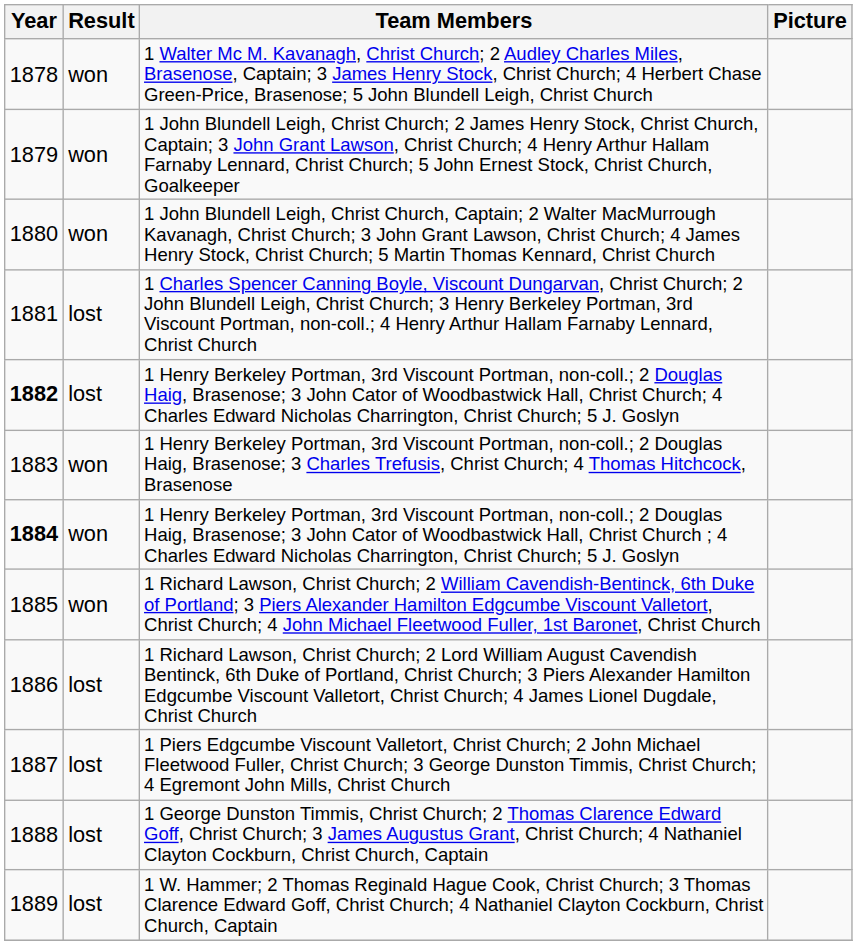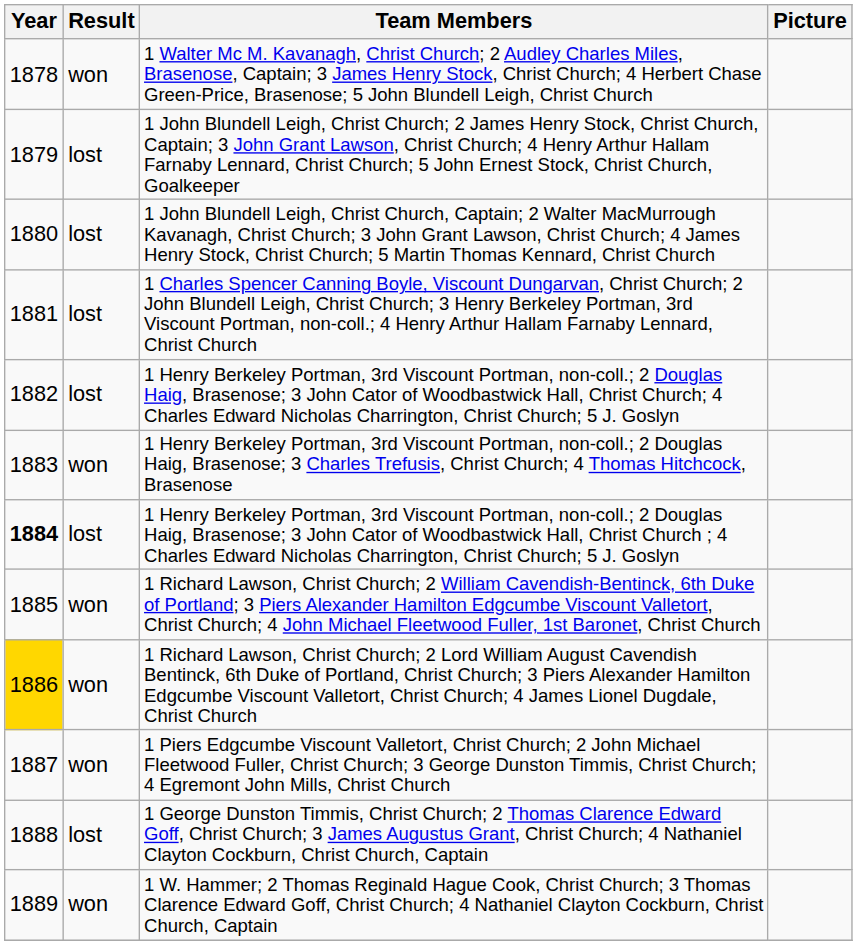 <table class="wikitable" width="100%">
 <tr>
 <th>Year</th>
 <th>Result</th>
 <th>Team Members</th>
 <th>Picture</th>
 </tr>
 <tr>
 <td>1878</td>
 <td>won</td>
 <td style="font-size:85%">1 <a href='#'>Walter Mc M. Kavanagh</a>, <a href='#'>Christ Church</a>; 2 <a href='#'>Audley Charles Miles</a>, <a href='#'>Brasenose</a>, Captain; 3 <a href='#'>James Henry Stock</a>, Christ Church; 4 Herbert Chase Green-Price, Brasenose; 5 John Blundell Leigh, Christ Church</td>
 <td></td>
 </tr>
 <tr>
 <td>1879</td>
-<td>won</td>
+<td>lost</td>
 <td style="font-size:85%">1 John Blundell Leigh, Christ Church; 2 James Henry Stock, Christ Church, Captain; 3 <a href='#'>John Grant Lawson</a>, Christ Church; 4 Henry Arthur Hallam Farnaby Lennard, Christ Church; 5 John Ernest Stock, Christ Church, Goalkeeper</td>
 <td></td>
 </tr>
 <tr>
 <td>1880</td>
-<td>won</td>
+<td>lost</td>
 <td style="font-size:85%">1 John Blundell Leigh, Christ Church, Captain; 2 Walter MacMurrough Kavanagh, Christ Church; 3 John Grant Lawson, Christ Church; 4 James Henry Stock, Christ Church; 5 Martin Thomas Kennard, Christ Church</td>
 <td></td>
 </tr>
 <tr>
 <td>1881</td>
 <td>lost</td>
 <td style="font-size:85%">1 <a href='#'>Charles Spencer Canning Boyle, Viscount Dungarvan</a>, Christ Church; 2 John Blundell Leigh, Christ Church; 3 Henry Berkeley Portman, 3rd Viscount Portman, non-coll.; 4 Henry Arthur Hallam Farnaby Lennard, Christ Church</td>
 <td></td>
 </tr>
 <tr>
-<td><strong>1882</strong></td>
+<td>1882</td>
 <td>lost</td>
 <td style="font-size:85%">1 Henry Berkeley Portman, 3rd Viscount Portman, non-coll.; 2 <a href='#'>Douglas Haig</a>, Brasenose; 3 John Cator of Woodbastwick Hall, Christ Church; 4 Charles Edward Nicholas Charrington, Christ Church; 5 J. Goslyn</td>
 <td></td>
 </tr>
 <tr>
 <td>1883</td>
 <td>won</td>
 <td style="font-size:85%">1 Henry Berkeley Portman, 3rd Viscount Portman, non-coll.; 2 Douglas Haig, Brasenose; 3 <a href='#'>Charles Trefusis</a>, Christ Church; 4 <a href='#'>Thomas Hitchcock</a>, Brasenose</td>
 <td></td>
 </tr>
 <tr>
 <td><strong>1884</strong></td>
-<td>won</td>
+<td>lost</td>
 <td style="font-size:85%">1 Henry Berkeley Portman, 3rd Viscount Portman, non-coll.; 2 Douglas Haig, Brasenose; 3 John Cator of Woodbastwick Hall, Christ Church ; 4 Charles Edward Nicholas Charrington, Christ Church; 5 J. Goslyn</td>
 <td></td>
 </tr>
 <tr>
 <td>1885</td>
 <td>won</td>
 <td style="font-size:85%">1 Richard Lawson, Christ Church; 2 <a href='#'>William Cavendish-Bentinck, 6th Duke of Portland</a>; 3 <a href='#'>Piers Alexander Hamilton Edgcumbe Viscount Valletort</a>, Christ Church; 4 <a href='#'>John Michael Fleetwood Fuller, 1st Baronet</a>, Christ Church</td>
 <td></td>
 </tr>
 <tr>
-<td>1886</td>
-<td>lost</td>
+<td style="background: gold;">1886</td>
+<td>won</td>
 <td style="font-size:85%">1 Richard Lawson, Christ Church; 2 Lord William August Cavendish Bentinck, 6th Duke of Portland, Christ Church; 3 Piers Alexander Hamilton Edgcumbe Viscount Valletort, Christ Church; 4 James Lionel Dugdale, Christ Church</td>
 <td></td>
 </tr>
 <tr>
 <td>1887</td>
-<td>lost</td>
+<td>won</td>
 <td style="font-size:85%">1 Piers Edgcumbe Viscount Valletort, Christ Church; 2 John Michael Fleetwood Fuller, Christ Church; 3 George Dunston Timmis, Christ Church; 4 Egremont John Mills, Christ Church</td>
 <td></td>
 </tr>
 <tr>
 <td>1888</td>
 <td>lost</td>
 <td style="font-size:85%">1 George Dunston Timmis, Christ Church; 2 <a href='#'>Thomas Clarence Edward Goff</a>, Christ Church; 3 <a href='#'>James Augustus Grant</a>, Christ Church; 4 Nathaniel Clayton Cockburn, Christ Church, Captain</td>
 <td></td>
 </tr>
 <tr>
 <td>1889</td>
-<td>lost</td>
+<td>won</td>
 <td style="font-size:85%">1 W. Hammer; 2 Thomas Reginald Hague Cook, Christ Church; 3 Thomas Clarence Edward Goff, Christ Church; 4 Nathaniel Clayton Cockburn, Christ Church, Captain</td>
 <td></td>
 </tr>
 <tr>
 </tr>
 </table>
